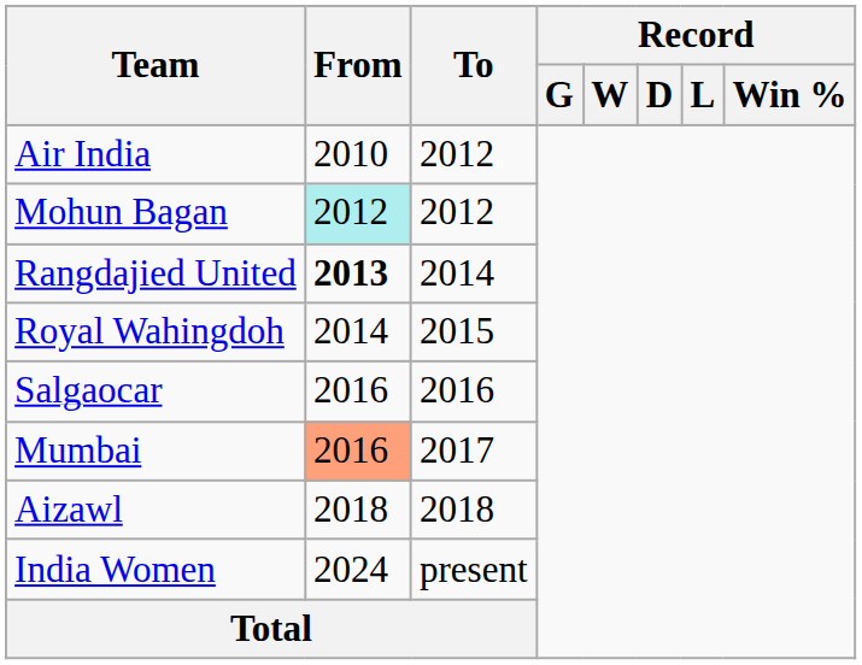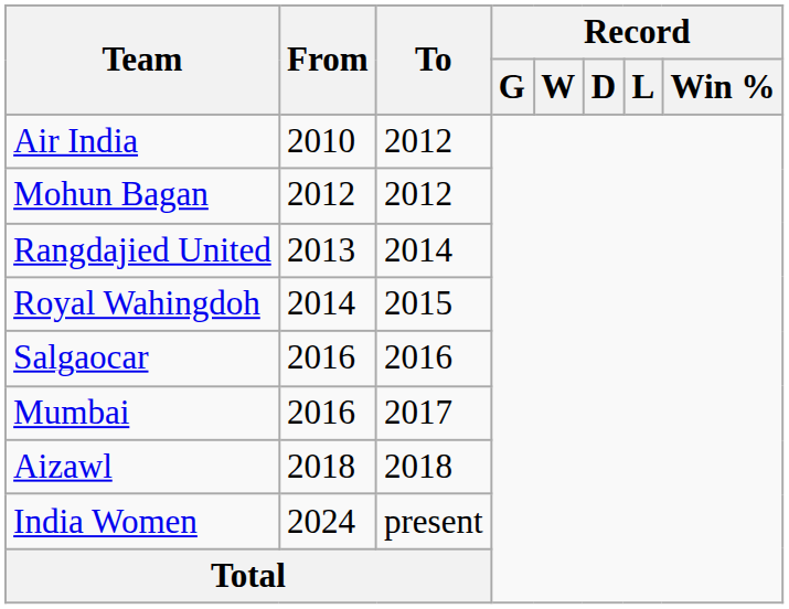 <table class="wikitable" style="text-align: center">
 <tr>
 <th rowspan="2">Team</th>
 <th rowspan="2">From</th>
 <th rowspan="2">To</th>
 <th colspan="5">Record</th>
 </tr>
 <tr>
 <th>G</th>
 <th>W</th>
 <th>D</th>
 <th>L</th>
 <th>Win %</th>
 </tr>
 <tr>
 <td align=left><a href='#'>Air India</a></td>
 <td align=left>2010</td>
 <td align=left>2012<br></td>
 </tr>
 <tr>
 <td align=left><a href='#'>Mohun Bagan</a></td>
-<td align=left style="background: paleturquoise;">2012</td>
+<td align=left>2012</td>
 <td align=left>2012<br></td>
 </tr>
 <tr>
 <td align=left><a href='#'>Rangdajied United</a></td>
-<td align=left><strong>2013</strong></td>
+<td align=left>2013</td>
 <td align=left>2014<br></td>
 </tr>
 <tr>
 <td align=left><a href='#'>Royal Wahingdoh</a></td>
 <td align=left>2014</td>
 <td align=left>2015<br></td>
 </tr>
 <tr>
 <td align=left><a href='#'>Salgaocar</a></td>
 <td align=left>2016</td>
 <td align=left>2016<br></td>
 </tr>
 <tr>
 <td align=left><a href='#'>Mumbai</a></td>
-<td align=left style="background: lightsalmon;">2016</td>
+<td align=left>2016</td>
 <td align=left>2017<br></td>
 </tr>
 <tr>
 <td align=left><a href='#'>Aizawl</a></td>
 <td align=left>2018</td>
 <td align=left>2018<br></td>
 </tr>
 <tr>
 <td align=left><a href='#'>India Women</a></td>
 <td align=left>2024</td>
 <td align=left>present<br></td>
 </tr>
 <tr>
 <th colspan="3">Total<br></th>
 </tr>
 </table>
